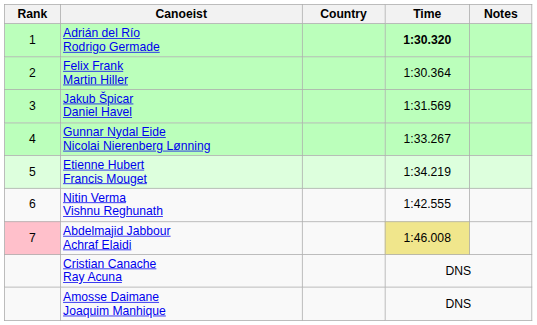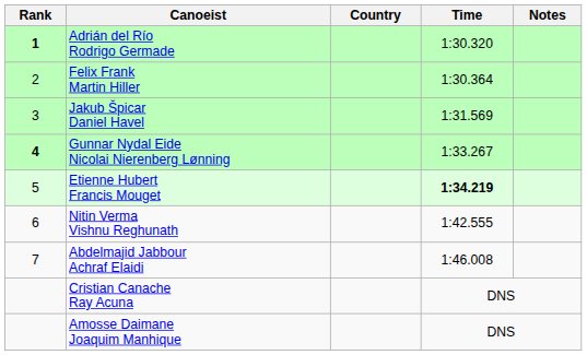 <table class="wikitable" style="text-align:center;width: 55%">
 <tr>
 <th>Rank</th>
 <th>Canoeist</th>
 <th>Country</th>
 <th>Time</th>
 <th>Notes</th>
 </tr>
 <tr bgcolor=bbffbb>
-<td>1</td>
+<td><strong>1</strong></td>
 <td align="left"><a href='#'>Adrián del Río</a><br><a href='#'>Rodrigo Germade</a></td>
 <td align="left"></td>
-<td><strong>1:30.320</strong></td>
+<td>1:30.320</td>
 <td></td>
 </tr>
 <tr bgcolor=bbffbb>
 <td>2</td>
 <td align="left"><a href='#'>Felix Frank</a><br><a href='#'>Martin Hiller</a></td>
 <td align="left"></td>
 <td>1:30.364</td>
 <td></td>
 </tr>
 <tr bgcolor=bbffbb>
 <td>3</td>
 <td align="left"><a href='#'>Jakub Špicar</a><br><a href='#'>Daniel Havel</a></td>
 <td align="left"></td>
 <td>1:31.569</td>
 <td></td>
 </tr>
 <tr bgcolor=bbffbb>
-<td>4</td>
+<td><strong>4</strong></td>
 <td align="left"><a href='#'>Gunnar Nydal Eide</a><br><a href='#'>Nicolai Nierenberg Lønning</a></td>
 <td align="left"></td>
 <td>1:33.267</td>
 <td></td>
 </tr>
 <tr bgcolor=ddffdd>
 <td>5</td>
 <td align="left"><a href='#'>Etienne Hubert</a><br><a href='#'>Francis Mouget</a></td>
 <td align="left"></td>
-<td>1:34.219</td>
+<td><strong>1:34.219</strong></td>
 <td></td>
 </tr>
 <tr>
 <td>6</td>
 <td align="left"><a href='#'>Nitin Verma</a><br><a href='#'>Vishnu Reghunath</a></td>
 <td align="left"></td>
 <td>1:42.555</td>
 <td></td>
 </tr>
 <tr>
-<td style="background: pink;">7</td>
+<td>7</td>
 <td align="left"><a href='#'>Abdelmajid Jabbour</a><br><a href='#'>Achraf Elaidi</a></td>
 <td align="left"></td>
-<td style="background: khaki;">1:46.008</td>
+<td>1:46.008</td>
 <td></td>
 </tr>
 <tr>
 <td></td>
 <td align="left"><a href='#'>Cristian Canache</a><br><a href='#'>Ray Acuna</a></td>
 <td align="left"></td>
 <td colspan=2>DNS</td>
 </tr>
 <tr>
 <td></td>
 <td align="left"><a href='#'>Amosse Daimane</a><br><a href='#'>Joaquim Manhique</a></td>
 <td align="left"></td>
 <td colspan=2>DNS</td>
 </tr>
 </table>
